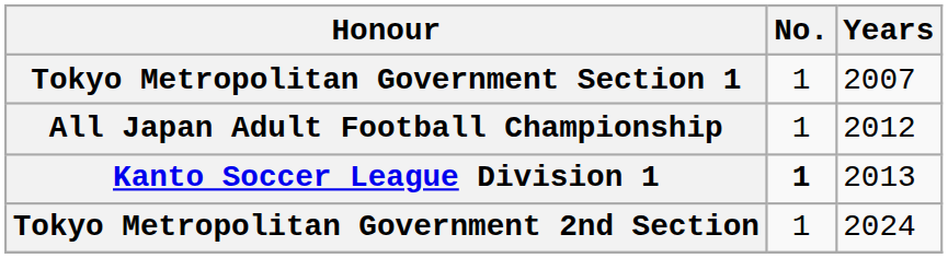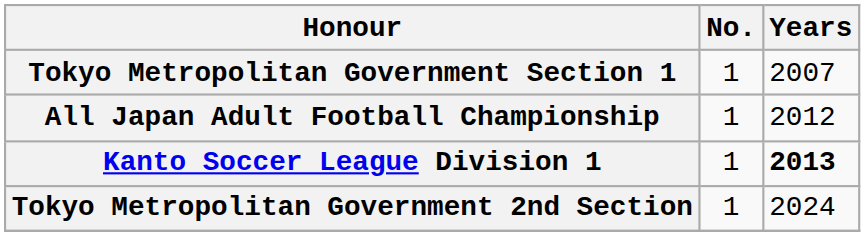 <table class="wikitable plainrowheaders">
 <tr>
 <th scope=col>Honour</th>
 <th scope=col>No.</th>
 <th scope=col>Years</th>
 </tr>
 <tr>
 <th scope=row>Tokyo Metropolitan Government Section 1</th>
 <td align="center">1</td>
 <td>2007</td>
 </tr>
 <tr>
 <th scope=row>All Japan Adult Football Championship</th>
 <td align="center">1</td>
 <td>2012</td>
 </tr>
 <tr>
 <th scope=row><a href='#'>Kanto Soccer League</a> Division 1</th>
-<td align="center"><strong>1</strong></td>
-<td>2013</td>
+<td align="center">1</td>
+<td><strong>2013</strong></td>
 </tr>
 <tr>
 <th scope=row>Tokyo Metropolitan Government 2nd Section</th>
 <td align="center">1</td>
 <td>2024</td>
 </tr>
 <tr>
 </tr>
 </table>
